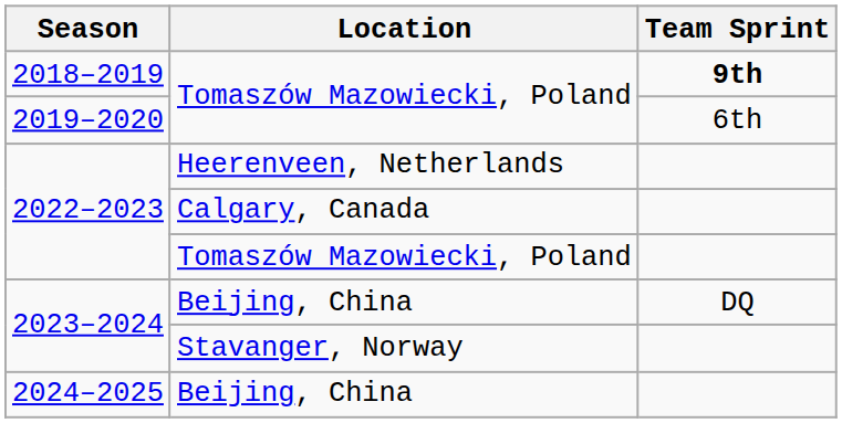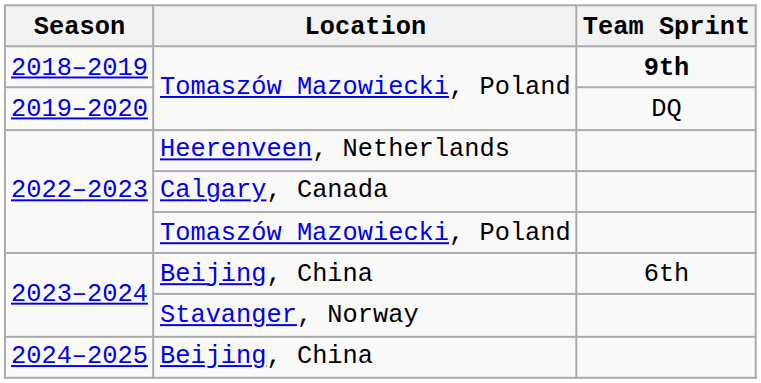 <table class="wikitable" style="display: inline-table;">
 <tr>
 <th>Season</th>
 <th>Location</th>
 <th colspan="1">Team Sprint</th>
 </tr>
 <tr style="text-align:center">
 <td><a href='#'>2018–2019</a></td>
 <td align=left rowspan=2><a href='#'>Tomaszów Mazowiecki</a>, Poland</td>
 <td><strong>9th</strong></td>
 </tr>
 <tr style="text-align:center">
 <td><a href='#'>2019–2020</a></td>
-<td>6th</td>
+<td>DQ</td>
 </tr>
 <tr style="text-align:center">
 <td rowspan=3><a href='#'>2022–2023</a></td>
 <td align=left><a href='#'>Heerenveen</a>, Netherlands</td>
 <td></td>
 </tr>
 <tr style="text-align:center">
 <td align=left><a href='#'>Calgary</a>, Canada</td>
 <td></td>
 </tr>
 <tr style="text-align:center">
 <td align=left><a href='#'>Tomaszów Mazowiecki</a>, Poland</td>
 <td></td>
 </tr>
 <tr style="text-align:center">
 <td rowspan=2><a href='#'>2023–2024</a></td>
 <td align=left><a href='#'>Beijing</a>, China</td>
-<td>DQ</td>
+<td>6th</td>
 </tr>
 <tr style="text-align:center">
 <td align=left><a href='#'>Stavanger</a>, Norway</td>
 <td></td>
 </tr>
 <tr style="text-align:center">
 <td><a href='#'>2024–2025</a></td>
 <td align=left><a href='#'>Beijing</a>, China</td>
 <td></td>
 </tr>
 </table>
